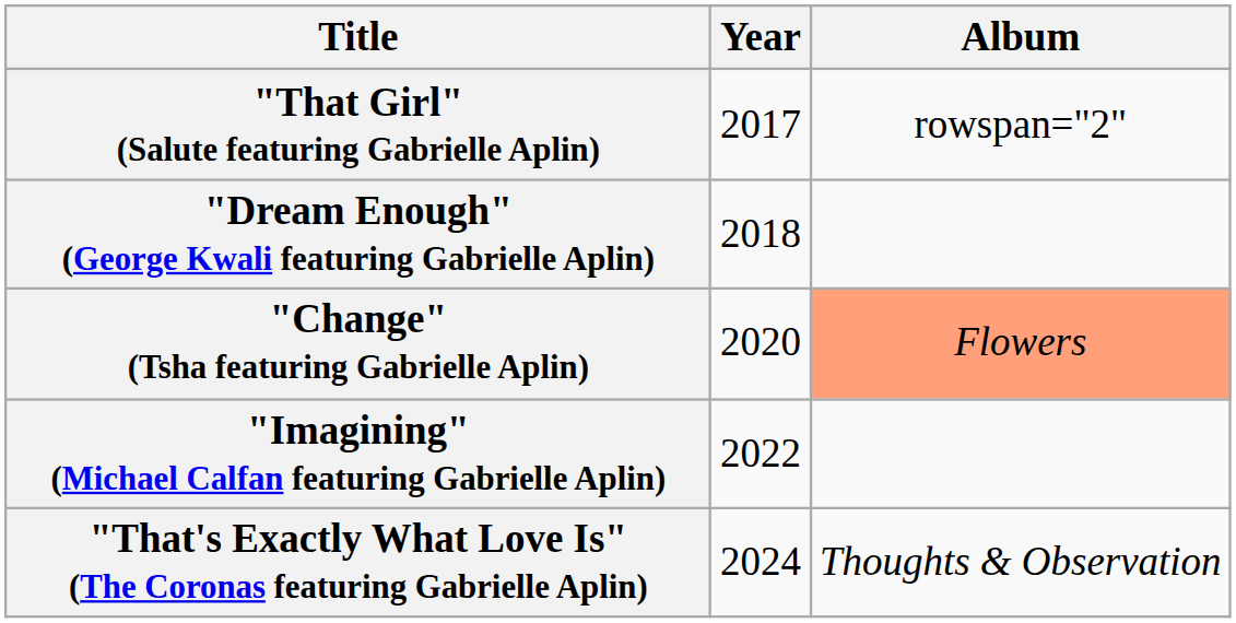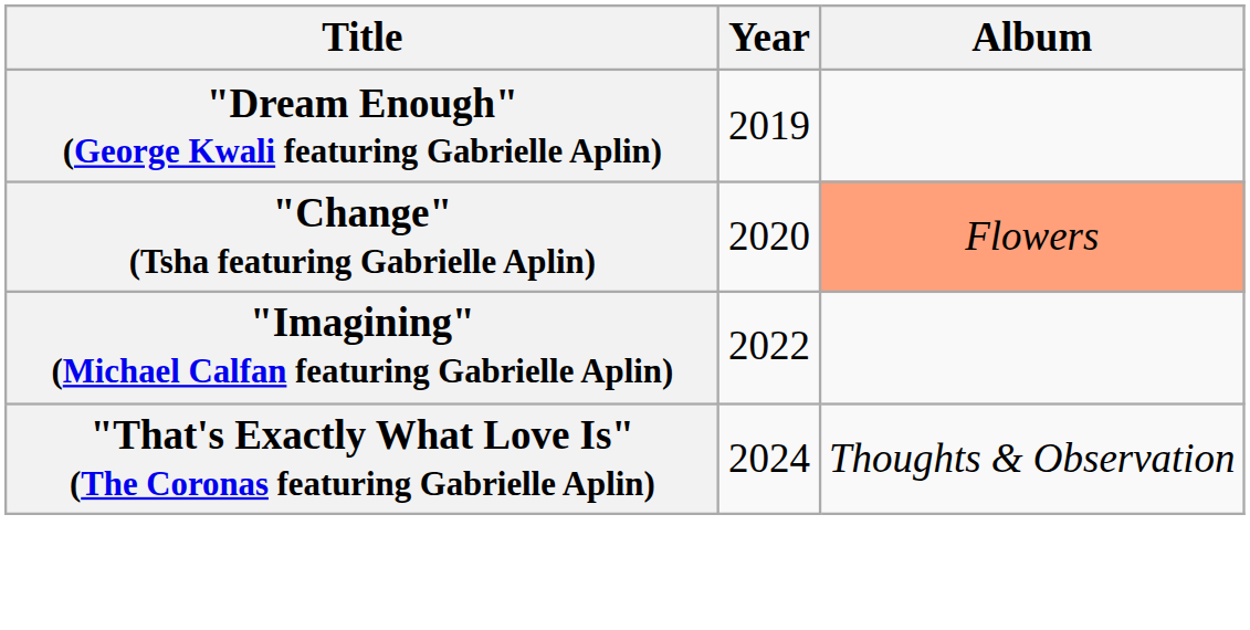 <table class="wikitable plainrowheaders" style="text-align:center;">
 <tr>
 <th scope="col" style="width:17em;">Title</th>
 <th scope="col" style="width:1em;">Year</th>
 <th scope="col">Album</th>
 </tr>
 <tr>
-<th scope="row">"That Girl"<br><small>(Salute featuring Gabrielle Aplin)</small></th>
-<td>2017</td>
-<td>rowspan="2" </td>
-</tr>
-<tr>
 <th scope="row">"Dream Enough"<br><small>(<a href='#'>George Kwali</a> featuring Gabrielle Aplin)</small></th>
-<td>2018</td>
+<td>2019</td>
 </tr>
 <tr>
 <th scope="row">"Change"<br><small>(Tsha featuring Gabrielle Aplin)</small></th>
 <td>2020</td>
 <td style="background: lightsalmon;"><em>Flowers</em></td>
 </tr>
 <tr>
 <th scope="row">"Imagining" <br><small>(<a href='#'>Michael Calfan</a> featuring Gabrielle Aplin)</small></th>
 <td>2022</td>
 <td></td>
 </tr>
 <tr>
 <th scope="row">"That's Exactly What Love Is" <br><small>(<a href='#'>The Coronas</a> featuring Gabrielle Aplin)</small></th>
 <td>2024</td>
 <td><em>Thoughts & Observation</em></td>
 </tr>
 </table>
